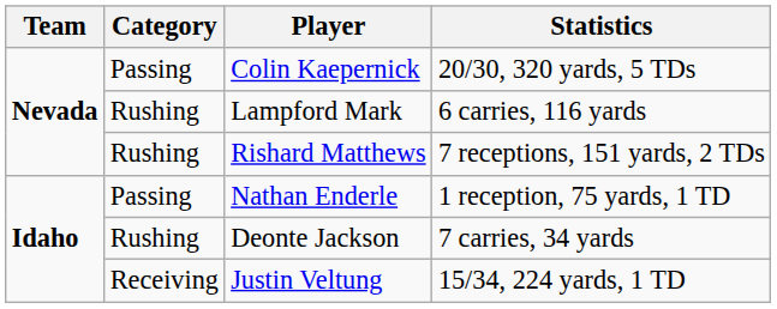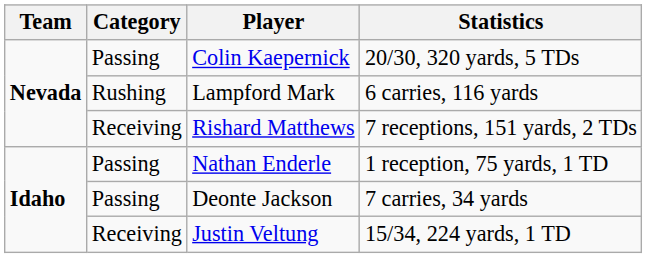 <table class="wikitable" style="float: left;">
 <tr>
 <th>Team</th>
 <th>Category</th>
 <th>Player</th>
 <th>Statistics</th>
 </tr>
 <tr>
 <td rowspan=3><strong>Nevada</strong></td>
 <td>Passing</td>
 <td><a href='#'>Colin Kaepernick</a></td>
 <td>20/30, 320 yards, 5 TDs</td>
 </tr>
 <tr>
 <td>Rushing</td>
 <td>Lampford Mark</td>
 <td>6 carries, 116 yards</td>
 </tr>
 <tr>
-<td>Rushing</td>
+<td>Receiving</td>
 <td><a href='#'>Rishard Matthews</a></td>
 <td>7 receptions, 151 yards, 2 TDs</td>
 </tr>
 <tr>
 <td rowspan=3><strong>Idaho</strong></td>
 <td>Passing</td>
 <td><a href='#'>Nathan Enderle</a></td>
 <td>1 reception, 75 yards, 1 TD</td>
 </tr>
 <tr>
-<td>Rushing</td>
+<td>Passing</td>
 <td>Deonte Jackson</td>
 <td>7 carries, 34 yards</td>
 </tr>
 <tr>
 <td>Receiving</td>
 <td><a href='#'>Justin Veltung</a></td>
 <td>15/34, 224 yards, 1 TD</td>
 </tr>
 </table>
